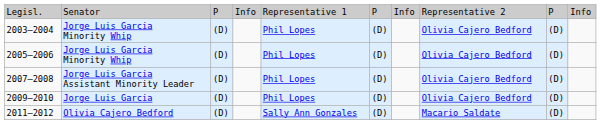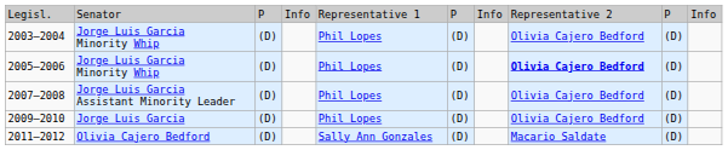 <table class=wikitable width="100%" border="1">
 <tr style="background-color:#cccccc;">
 <td>Legisl.</td>
 <td>Senator</td>
 <td>P</td>
 <td>Info</td>
 <td>Representative 1</td>
 <td>P</td>
 <td>Info</td>
 <td>Representative 2</td>
 <td>P</td>
 <td>Info</td>
 </tr>
 <tr>
 <td>2003–2004</td>
 <td style="background:#DDEEFF"><a href='#'>Jorge Luis Garcia</a>  <br>Minority <a href='#'>Whip</a></td>
 <td style="background:#DDEEFF">(D)</td>
 <td></td>
 <td style="background:#DDEEFF"><a href='#'>Phil Lopes</a></td>
 <td style="background:#DDEEFF">(D)</td>
 <td></td>
 <td style="background:#DDEEFF"><a href='#'>Olivia Cajero Bedford</a></td>
 <td style="background:#DDEEFF">(D)</td>
 <td></td>
 </tr>
 <tr>
 <td>2005–2006</td>
 <td style="background:#DDEEFF"><a href='#'>Jorge Luis Garcia</a>  <br>Minority <a href='#'>Whip</a></td>
 <td style="background:#DDEEFF">(D)</td>
 <td></td>
 <td style="background:#DDEEFF"><a href='#'>Phil Lopes</a></td>
 <td style="background:#DDEEFF">(D)</td>
 <td></td>
-<td style="background:#DDEEFF"><a href='#'>Olivia Cajero Bedford</a></td>
+<td style="background:#DDEEFF"><strong><a href='#'>Olivia Cajero Bedford</a></strong></td>
 <td style="background:#DDEEFF">(D)</td>
 <td></td>
 </tr>
 <tr>
 <td>2007–2008</td>
 <td style="background:#DDEEFF"><a href='#'>Jorge Luis Garcia</a> <br>Assistant Minority Leader</td>
 <td style="background:#DDEEFF">(D)</td>
 <td></td>
 <td style="background:#DDEEFF"><a href='#'>Phil Lopes</a></td>
 <td style="background:#DDEEFF">(D)</td>
 <td></td>
 <td style="background:#DDEEFF"><a href='#'>Olivia Cajero Bedford</a></td>
 <td style="background:#DDEEFF">(D)</td>
 <td></td>
 </tr>
 <tr>
 <td>2009–2010</td>
 <td style="background:#DDEEFF"><a href='#'>Jorge Luis Garcia</a></td>
 <td style="background:#DDEEFF">(D)</td>
 <td></td>
 <td style="background:#DDEEFF"><a href='#'>Phil Lopes</a></td>
 <td style="background:#DDEEFF">(D)</td>
 <td></td>
 <td style="background:#DDEEFF"><a href='#'>Olivia Cajero Bedford</a></td>
 <td style="background:#DDEEFF">(D)</td>
 <td></td>
 </tr>
 <tr>
 <td>2011–2012</td>
 <td style="background:#DDEEFF"><a href='#'>Olivia Cajero Bedford</a></td>
 <td style="background:#DDEEFF">(D)</td>
 <td></td>
 <td style="background:#DDEEFF"><a href='#'>Sally Ann Gonzales</a></td>
 <td style="background:#DDEEFF">(D)</td>
 <td></td>
 <td style="background:#DDEEFF"><a href='#'>Macario Saldate</a></td>
 <td style="background:#DDEEFF">(D)</td>
 <td></td>
 </tr>
 </table>
